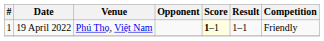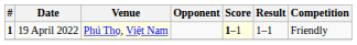 <table class="wikitable">
 <tr>
 <th>#</th>
 <th>Date</th>
 <th>Venue</th>
 <th>Opponent</th>
 <th>Score</th>
 <th>Result</th>
 <th>Competition</th>
 </tr>
 <tr>
-<td>1</td>
+<td><strong>1</strong></td>
 <td>19 April 2022</td>
-<td><a href='#'>Phú Thọ</a>, <a href='#'>Việt Nam</a></td>
+<td style="background: lightyellow;"><a href='#'>Phú Thọ</a>, <a href='#'>Việt Nam</a></td>
 <td></td>
 <td style="background: lightyellow;"><strong>1</strong>–1</td>
 <td>1–1</td>
 <td>Friendly</td>
 </tr>
 <tr>
 </tr>
 </table>
